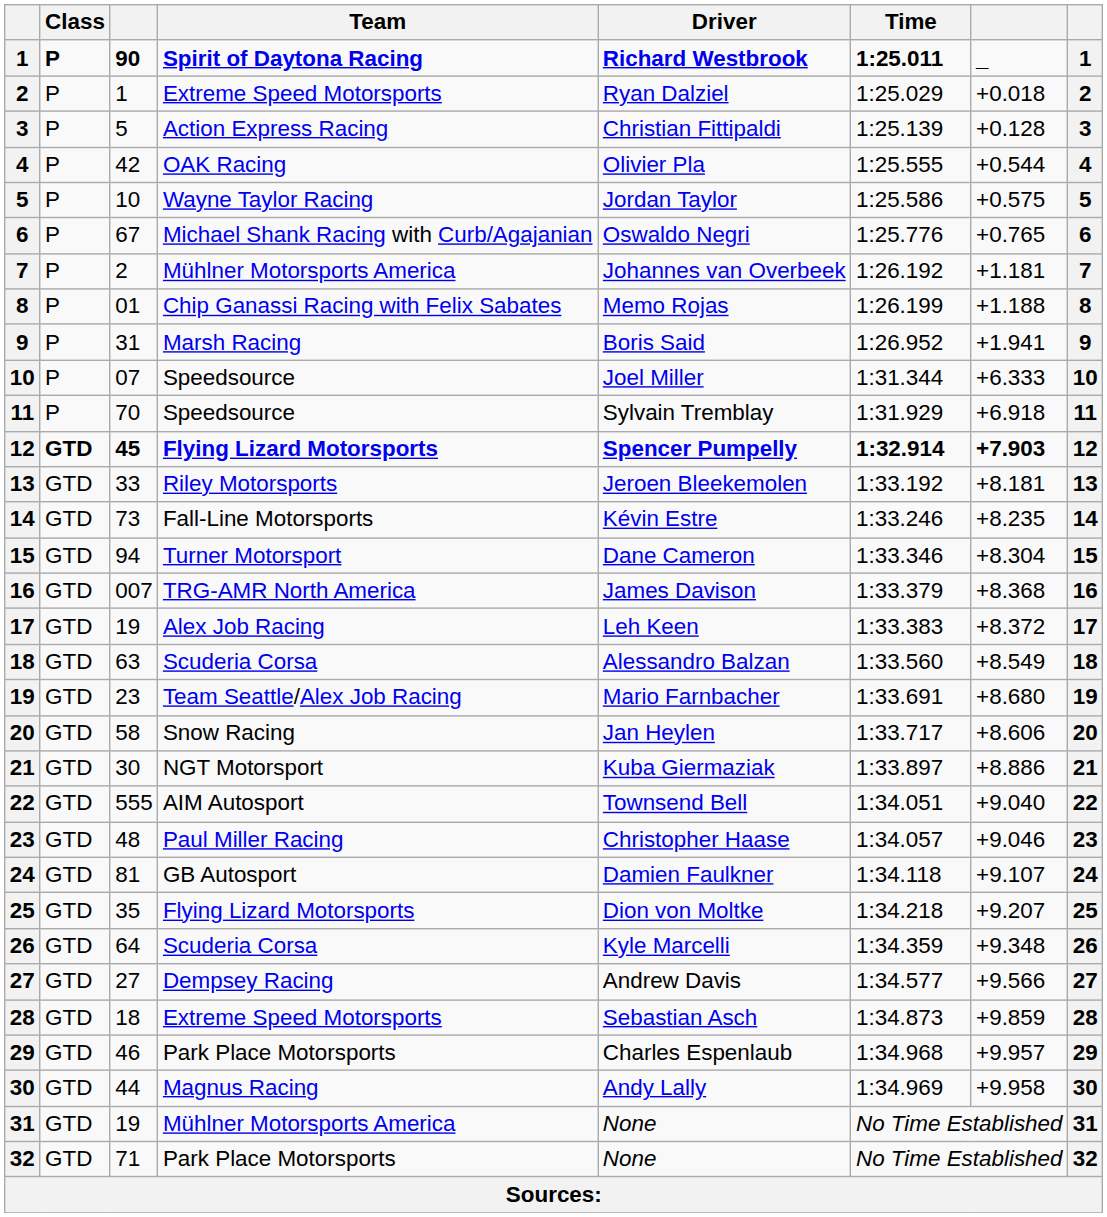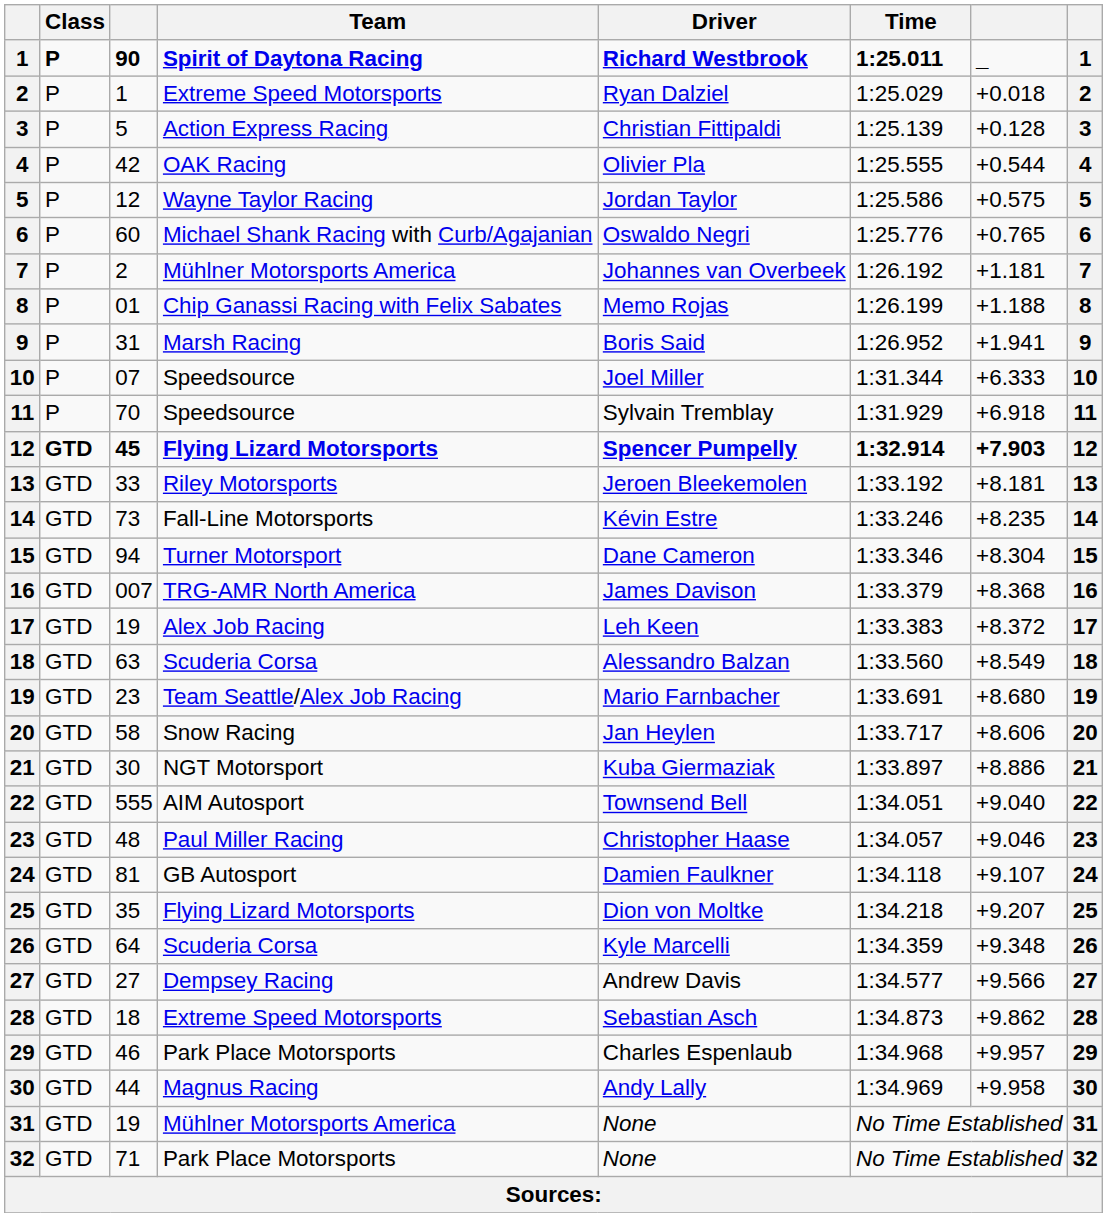 <table class="wikitable">
 <tr>
 <th></th>
 <th>Class</th>
 <th></th>
 <th>Team</th>
 <th>Driver</th>
 <th>Time</th>
 <th></th>
 <th></th>
 </tr>
 <tr style="font-weight:bold">
 <th>1</th>
 <td>P</td>
 <td>90</td>
 <td> <a href='#'>Spirit of Daytona Racing</a></td>
 <td> <a href='#'>Richard Westbrook</a></td>
 <td>1:25.011</td>
 <td><strong>_</strong></td>
 <th>1</th>
 </tr>
 <tr>
 <th>2</th>
 <td>P</td>
 <td>1</td>
 <td> <a href='#'>Extreme Speed Motorsports</a></td>
 <td> <a href='#'>Ryan Dalziel</a></td>
 <td>1:25.029</td>
 <td>+0.018</td>
 <th>2</th>
 </tr>
 <tr>
 <th>3</th>
 <td>P</td>
 <td>5</td>
 <td> <a href='#'>Action Express Racing</a></td>
 <td> <a href='#'>Christian Fittipaldi</a></td>
 <td>1:25.139</td>
 <td>+0.128</td>
 <th>3</th>
 </tr>
 <tr>
 <th>4</th>
 <td>P</td>
 <td>42</td>
 <td> <a href='#'>OAK Racing</a></td>
 <td> <a href='#'>Olivier Pla</a></td>
 <td>1:25.555</td>
 <td>+0.544</td>
 <th>4</th>
 </tr>
 <tr>
 <th>5</th>
 <td>P</td>
-<td>10</td>
+<td>12</td>
 <td> <a href='#'>Wayne Taylor Racing</a></td>
 <td> <a href='#'>Jordan Taylor</a></td>
 <td>1:25.586</td>
 <td>+0.575</td>
 <th>5</th>
 </tr>
 <tr>
 <th>6</th>
 <td>P</td>
-<td>67</td>
+<td>60</td>
 <td> <a href='#'>Michael Shank Racing</a> with <a href='#'>Curb/Agajanian</a></td>
 <td> <a href='#'>Oswaldo Negri</a></td>
 <td>1:25.776</td>
 <td>+0.765</td>
 <th>6</th>
 </tr>
 <tr>
 <th>7</th>
 <td>P</td>
 <td>2</td>
 <td> <a href='#'>Mühlner Motorsports America</a></td>
 <td> <a href='#'>Johannes van Overbeek</a></td>
 <td>1:26.192</td>
 <td>+1.181</td>
 <th>7</th>
 </tr>
 <tr>
 <th>8</th>
 <td>P</td>
 <td>01</td>
 <td> <a href='#'>Chip Ganassi Racing with Felix Sabates</a></td>
 <td> <a href='#'>Memo Rojas</a></td>
 <td>1:26.199</td>
 <td>+1.188</td>
 <th>8</th>
 </tr>
 <tr>
 <th>9</th>
 <td>P</td>
 <td>31</td>
 <td> <a href='#'>Marsh Racing</a></td>
 <td> <a href='#'>Boris Said</a></td>
 <td>1:26.952</td>
 <td>+1.941</td>
 <th>9</th>
 </tr>
 <tr>
 <th>10</th>
 <td>P</td>
 <td>07</td>
 <td> Speedsource</td>
 <td> <a href='#'>Joel Miller</a></td>
 <td>1:31.344</td>
 <td>+6.333</td>
 <th>10</th>
 </tr>
 <tr>
 <th>11</th>
 <td>P</td>
 <td>70</td>
 <td> Speedsource</td>
 <td> Sylvain Tremblay</td>
 <td>1:31.929</td>
 <td>+6.918</td>
 <th>11</th>
 </tr>
 <tr style="font-weight:bold">
 <th>12</th>
 <td>GTD</td>
 <td>45</td>
 <td> <a href='#'>Flying Lizard Motorsports</a></td>
 <td> <a href='#'>Spencer Pumpelly</a></td>
 <td>1:32.914</td>
 <td>+7.903</td>
 <th>12</th>
 </tr>
 <tr>
 <th>13</th>
 <td>GTD</td>
 <td>33</td>
 <td> <a href='#'>Riley Motorsports</a></td>
 <td> <a href='#'>Jeroen Bleekemolen</a></td>
 <td>1:33.192</td>
 <td>+8.181</td>
 <th>13</th>
 </tr>
 <tr>
 <th>14</th>
 <td>GTD</td>
 <td>73</td>
 <td> Fall-Line Motorsports</td>
 <td> <a href='#'>Kévin Estre</a></td>
 <td>1:33.246</td>
 <td>+8.235</td>
 <th>14</th>
 </tr>
 <tr>
 <th>15</th>
 <td>GTD</td>
 <td>94</td>
 <td> <a href='#'>Turner Motorsport</a></td>
 <td> <a href='#'>Dane Cameron</a></td>
 <td>1:33.346</td>
 <td>+8.304</td>
 <th>15</th>
 </tr>
 <tr>
 <th>16</th>
 <td>GTD</td>
 <td>007</td>
 <td> <a href='#'>TRG-AMR North America</a></td>
 <td> <a href='#'>James Davison</a></td>
 <td>1:33.379</td>
 <td>+8.368</td>
 <th>16</th>
 </tr>
 <tr>
 <th>17</th>
 <td>GTD</td>
 <td>19</td>
 <td> <a href='#'>Alex Job Racing</a></td>
 <td> <a href='#'>Leh Keen</a></td>
 <td>1:33.383</td>
 <td>+8.372</td>
 <th>17</th>
 </tr>
 <tr>
 <th>18</th>
 <td>GTD</td>
 <td>63</td>
 <td> <a href='#'>Scuderia Corsa</a></td>
 <td> <a href='#'>Alessandro Balzan</a></td>
 <td>1:33.560</td>
 <td>+8.549</td>
 <th>18</th>
 </tr>
 <tr>
 <th>19</th>
 <td>GTD</td>
 <td>23</td>
 <td> <a href='#'>Team Seattle</a>/<a href='#'>Alex Job Racing</a></td>
 <td> <a href='#'>Mario Farnbacher</a></td>
 <td>1:33.691</td>
 <td>+8.680</td>
 <th>19</th>
 </tr>
 <tr>
 <th>20</th>
 <td>GTD</td>
 <td>58</td>
 <td> Snow Racing</td>
 <td> <a href='#'>Jan Heylen</a></td>
 <td>1:33.717</td>
 <td>+8.606</td>
 <th>20</th>
 </tr>
 <tr>
 <th>21</th>
 <td>GTD</td>
 <td>30</td>
 <td> NGT Motorsport</td>
 <td> <a href='#'>Kuba Giermaziak</a></td>
 <td>1:33.897</td>
 <td>+8.886</td>
 <th>21</th>
 </tr>
 <tr>
 <th>22</th>
 <td>GTD</td>
 <td>555</td>
 <td> AIM Autosport</td>
 <td> <a href='#'>Townsend Bell</a></td>
 <td>1:34.051</td>
 <td>+9.040</td>
 <th>22</th>
 </tr>
 <tr>
 <th>23</th>
 <td>GTD</td>
 <td>48</td>
 <td> <a href='#'>Paul Miller Racing</a></td>
 <td> <a href='#'>Christopher Haase</a></td>
 <td>1:34.057</td>
 <td>+9.046</td>
 <th>23</th>
 </tr>
 <tr>
 <th>24</th>
 <td>GTD</td>
 <td>81</td>
 <td> GB Autosport</td>
 <td> <a href='#'>Damien Faulkner</a></td>
 <td>1:34.118</td>
 <td>+9.107</td>
 <th>24</th>
 </tr>
 <tr>
 <th>25</th>
 <td>GTD</td>
 <td>35</td>
 <td> <a href='#'>Flying Lizard Motorsports</a></td>
 <td> <a href='#'>Dion von Moltke</a></td>
 <td>1:34.218</td>
 <td>+9.207</td>
 <th>25</th>
 </tr>
 <tr>
 <th>26</th>
 <td>GTD</td>
 <td>64</td>
 <td> <a href='#'>Scuderia Corsa</a></td>
 <td> <a href='#'>Kyle Marcelli</a></td>
 <td>1:34.359</td>
 <td>+9.348</td>
 <th>26</th>
 </tr>
 <tr>
 <th>27</th>
 <td>GTD</td>
 <td>27</td>
 <td> <a href='#'>Dempsey Racing</a></td>
 <td> Andrew Davis</td>
 <td>1:34.577</td>
 <td>+9.566</td>
 <th>27</th>
 </tr>
 <tr>
 <th>28</th>
 <td>GTD</td>
 <td>18</td>
 <td> <a href='#'>Extreme Speed Motorsports</a></td>
 <td> <a href='#'>Sebastian Asch</a></td>
 <td>1:34.873</td>
-<td>+9.859</td>
+<td>+9.862</td>
 <th>28</th>
 </tr>
 <tr>
 <th>29</th>
 <td>GTD</td>
 <td>46</td>
 <td> Park Place Motorsports</td>
 <td> Charles Espenlaub</td>
 <td>1:34.968</td>
 <td>+9.957</td>
 <th>29</th>
 </tr>
 <tr>
 <th>30</th>
 <td>GTD</td>
 <td>44</td>
 <td> <a href='#'>Magnus Racing</a></td>
 <td> <a href='#'>Andy Lally</a></td>
 <td>1:34.969</td>
 <td>+9.958</td>
 <th>30</th>
 </tr>
 <tr>
 <th>31</th>
 <td>GTD</td>
 <td>19</td>
 <td> <a href='#'>Mühlner Motorsports America</a></td>
 <td><em>None</em></td>
 <td colspan="2"><em>No Time Established</em></td>
 <th>31</th>
 </tr>
 <tr>
 <th>32</th>
 <td>GTD</td>
 <td>71</td>
 <td> Park Place Motorsports</td>
 <td><em>None</em></td>
 <td colspan="2"><em>No Time Established</em></td>
 <th>32</th>
 </tr>
 <tr>
 <th colspan="8">Sources:</th>
 </tr>
 </table>
